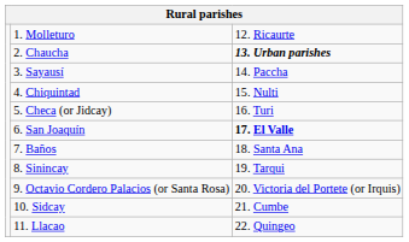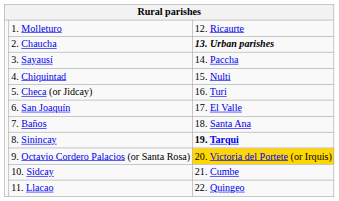 <table class="wikitable" style="margin: left">
 <tr>
 <th colspan="3">Rural parishes</th>
 </tr>
 <tr>
 <td rowspan="11"></td>
 <td>1. <a href='#'>Molleturo</a></td>
 <td>12. <a href='#'>Ricaurte</a></td>
 </tr>
 <tr>
 <td>2. <a href='#'>Chaucha</a></td>
 <td><strong><em>13. Urban parishes</em></strong></td>
 </tr>
 <tr>
 <td>3. <a href='#'>Sayausí</a></td>
 <td>14. <a href='#'>Paccha</a></td>
 </tr>
 <tr>
 <td>4. <a href='#'>Chiquintad</a></td>
 <td>15. <a href='#'>Nulti</a></td>
 </tr>
 <tr>
 <td>5. <a href='#'>Checa</a> (or Jidcay)</td>
 <td>16. <a href='#'>Turi</a></td>
 </tr>
 <tr>
 <td>6. <a href='#'>San Joaquín</a></td>
-<td><strong>17. <a href='#'>El Valle</a></strong></td>
+<td>17. <a href='#'>El Valle</a></td>
 </tr>
 <tr>
 <td>7. <a href='#'>Baños</a></td>
 <td>18. <a href='#'>Santa Ana</a></td>
 </tr>
 <tr>
 <td>8. <a href='#'>Sinincay</a></td>
-<td>19. <a href='#'>Tarqui</a></td>
+<td><strong>19. <a href='#'>Tarqui</a></strong></td>
 </tr>
 <tr>
 <td>9. <a href='#'>Octavio Cordero Palacios</a> (or Santa Rosa)</td>
-<td>20. <a href='#'>Victoria del Portete</a> (or Irquis)</td>
+<td style="background: gold;">20. <a href='#'>Victoria del Portete</a> (or Irquis)</td>
 </tr>
 <tr>
 <td>10. <a href='#'>Sidcay</a></td>
 <td>21. <a href='#'>Cumbe</a></td>
 </tr>
 <tr>
 <td>11. <a href='#'>Llacao</a></td>
 <td>22. <a href='#'>Quingeo</a></td>
 </tr>
 </table>
